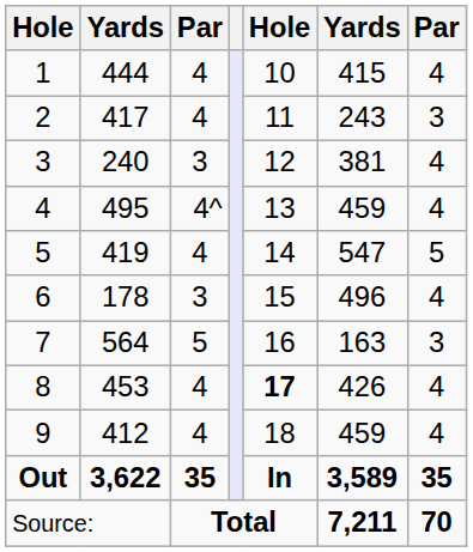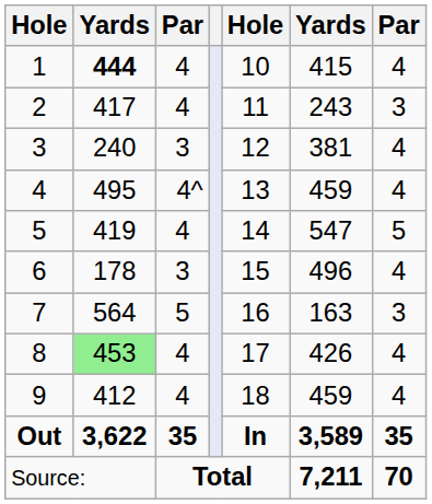 <table class="wikitable" style="text-align:center; font-size:100%">
 <tr>
 <th>Hole</th>
 <th>Yards</th>
 <th>Par</th>
 <th></th>
 <th>Hole</th>
 <th>Yards</th>
 <th>Par</th>
 </tr>
 <tr>
 <td>1</td>
-<td>444</td>
+<td><strong>444</strong></td>
 <td>4</td>
 <td rowspan=10 style="background:#E6E8FA;"></td>
 <td>10</td>
 <td>415</td>
 <td>4</td>
 </tr>
 <tr>
 <td>2</td>
 <td>417</td>
 <td>4</td>
 <td>11</td>
 <td>243</td>
 <td>3</td>
 </tr>
 <tr>
 <td>3</td>
 <td>240</td>
 <td>3</td>
 <td>12</td>
 <td>381</td>
 <td>4</td>
 </tr>
 <tr>
 <td>4</td>
 <td>495</td>
 <td>  4^</td>
 <td>13</td>
 <td>459</td>
 <td>4</td>
 </tr>
 <tr>
 <td>5</td>
 <td>419</td>
 <td>4</td>
 <td>14</td>
 <td>547</td>
 <td>5</td>
 </tr>
 <tr>
 <td>6</td>
 <td>178</td>
 <td>3</td>
 <td>15</td>
 <td>496</td>
 <td>4</td>
 </tr>
 <tr>
 <td>7</td>
 <td>564</td>
 <td>5</td>
 <td>16</td>
 <td>163</td>
 <td>3</td>
 </tr>
 <tr>
 <td>8</td>
-<td>453</td>
+<td style="background: lightgreen;">453</td>
 <td>4</td>
-<td><strong>17</strong></td>
+<td>17</td>
 <td>426</td>
 <td>4</td>
 </tr>
 <tr>
 <td>9</td>
 <td>412</td>
 <td>4</td>
 <td>18</td>
 <td>459</td>
 <td>4</td>
 </tr>
 <tr>
 <td><strong>Out</strong></td>
 <td><strong>3,622</strong></td>
 <td><strong>35</strong></td>
 <td><strong>In</strong></td>
 <td><strong>3,589</strong></td>
 <td><strong>35</strong></td>
 </tr>
 <tr>
 <td colspan=2 align=left><small>Source:</small></td>
 <td colspan=3><strong>Total</strong></td>
 <td><strong>7,211</strong></td>
 <td><strong>70</strong></td>
 </tr>
 </table>
